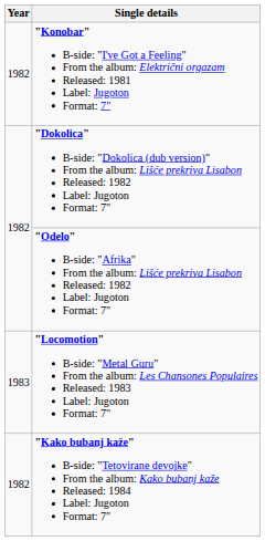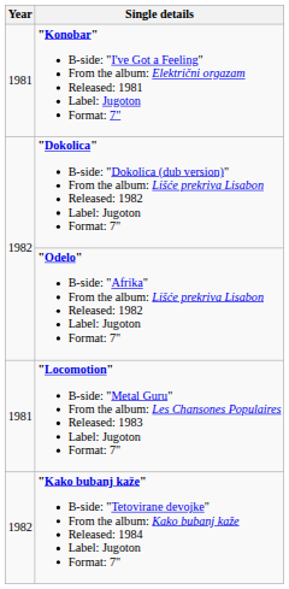 <table class ="wikitable">
 <tr>
 <th>Year</th>
 <th>Single details</th>
 </tr>
 <tr>
-<td style="text-align:center;">1982</td>
+<td style="text-align:center;">1981</td>
 <td><strong>"<a href='#'>Konobar</a>"</strong><br><ul><li>B-side: "<a href='#'>I've Got a Feeling</a>"</li><li>From the album: <em><a href='#'>Električni orgazam</a></em></li><li>Released: 1981</li><li>Label: <a href='#'>Jugoton</a></li><li>Format: <a href='#'>7"</a></li></ul></td>
 </tr>
 <tr>
 <td style="text-align:center;" rowspan="2">1982</td>
 <td><strong>"<a href='#'>Dokolica</a>"</strong><br><ul><li>B-side: "<a href='#'>Dokolica (dub version)</a>"</li><li>From the album: <em><a href='#'>Lišće prekriva Lisabon</a></em></li><li>Released: 1982</li><li>Label: Jugoton</li><li>Format: 7"</li></ul></td>
 </tr>
 <tr>
 <td><strong>"<a href='#'>Odelo</a>"</strong><br><ul><li>B-side: "<a href='#'>Afrika</a>"</li><li>From the album: <em><a href='#'>Lišće prekriva Lisabon</a></em></li><li>Released: 1982</li><li>Label: Jugoton</li><li>Format: 7"</li></ul></td>
 </tr>
 <tr>
-<td style="text-align:center;">1983</td>
+<td style="text-align:center;">1981</td>
 <td><strong>"<a href='#'>Locomotion</a>"</strong><br><ul><li>B-side: "<a href='#'>Metal Guru</a>"</li><li>From the album: <em><a href='#'>Les Chansones Populaires</a></em></li><li>Released: 1983</li><li>Label: Jugoton</li><li>Format: 7"</li></ul></td>
 </tr>
 <tr>
 <td style="text-align:center;" rowspan="2">1982</td>
 <td><strong>"<a href='#'>Kako bubanj kaže</a>"</strong><br><ul><li>B-side: "<a href='#'>Tetovirane devojke</a>"</li><li>From the album: <em><a href='#'>Kako bubanj kaže</a></em></li><li>Released: 1984</li><li>Label: Jugoton</li><li>Format: 7"</li></ul></td>
 </tr>
 </table>
